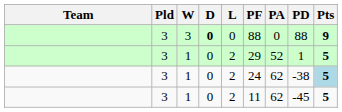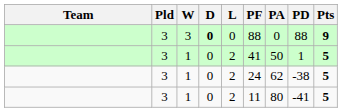 <table class="wikitable" style="text-align:center;">
 <tr>
 <th width=175>Team</th>
 <th width=20 abbr="Played">Pld</th>
 <th width=20 abbr="Won">W</th>
 <th width=20 abbr="Drawn">D</th>
 <th width=20 abbr="Lost">L</th>
 <th width=20 abbr="Points for">PF</th>
 <th width=20 abbr="Points against">PA</th>
 <th width=25 abbr="Points difference">PD</th>
 <th width=20 abbr="Points">Pts</th>
 </tr>
 <tr style="background:#ccffcc">
 <td align=left></td>
 <td>3</td>
 <td>3</td>
 <td><strong>0</strong></td>
 <td>0</td>
 <td>88</td>
 <td>0</td>
 <td>88</td>
 <td><strong>9</strong></td>
 </tr>
 <tr style="background:#ccffcc">
 <td align=left></td>
 <td>3</td>
 <td>1</td>
 <td>0</td>
 <td>2</td>
-<td>29</td>
-<td>52</td>
+<td>41</td>
+<td>50</td>
 <td>1</td>
 <td><strong>5</strong></td>
 </tr>
 <tr>
 <td align=left></td>
 <td>3</td>
 <td>1</td>
 <td>0</td>
 <td>2</td>
 <td>24</td>
 <td>62</td>
 <td>-38</td>
-<td style="background: lightblue;"><strong>5</strong></td>
+<td><strong>5</strong></td>
 </tr>
 <tr>
 <td align=left></td>
 <td>3</td>
 <td>1</td>
 <td>0</td>
 <td>2</td>
 <td>11</td>
-<td>62</td>
-<td>-45</td>
+<td>80</td>
+<td>-41</td>
 <td><strong>5</strong></td>
 </tr>
 </table>
